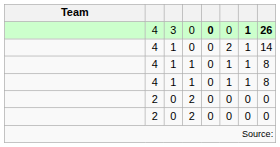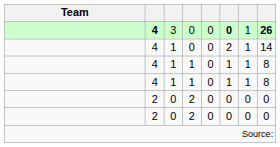 <table class="wikitable" style="text-align:center">
 <tr>
 <th width=200>Team</th>
 <th width=20></th>
 <th width=20></th>
 <th width=20></th>
 <th width=20></th>
 <th width=20></th>
 <th width=20></th>
 <th width=20></th>
 </tr>
 <tr style="background:#cfc">
 <td style="text-align:left;"></td>
-<td>4</td>
+<td><strong>4</strong></td>
 <td>3</td>
 <td>0</td>
+<td>0</td>
 <td><strong>0</strong></td>
-<td>0</td>
-<td><strong>1</strong></td>
+<td>1</td>
 <td><strong>26</strong></td>
 </tr>
 <tr>
 <td style="text-align:left;"></td>
 <td>4</td>
 <td>1</td>
 <td>0</td>
 <td>0</td>
 <td>2</td>
 <td>1</td>
 <td>14</td>
 </tr>
 <tr>
 <td style="text-align:left;"></td>
 <td>4</td>
 <td>1</td>
 <td>1</td>
 <td>0</td>
 <td>1</td>
 <td>1</td>
 <td>8</td>
 </tr>
 <tr>
 <td style="text-align:left;"></td>
 <td>4</td>
 <td>1</td>
 <td>1</td>
 <td>0</td>
 <td>1</td>
 <td>1</td>
 <td>8</td>
 </tr>
 <tr>
 <td style="text-align:left;"></td>
 <td>2</td>
 <td>0</td>
 <td>2</td>
 <td>0</td>
 <td>0</td>
 <td>0</td>
 <td>0</td>
 </tr>
 <tr>
 <td style="text-align:left;"></td>
 <td>2</td>
 <td>0</td>
 <td>2</td>
 <td>0</td>
 <td>0</td>
 <td>0</td>
 <td>0</td>
 </tr>
 <tr>
 <td colspan="8" style="text-align:right;"><small>Source: </small></td>
 </tr>
 </table>
